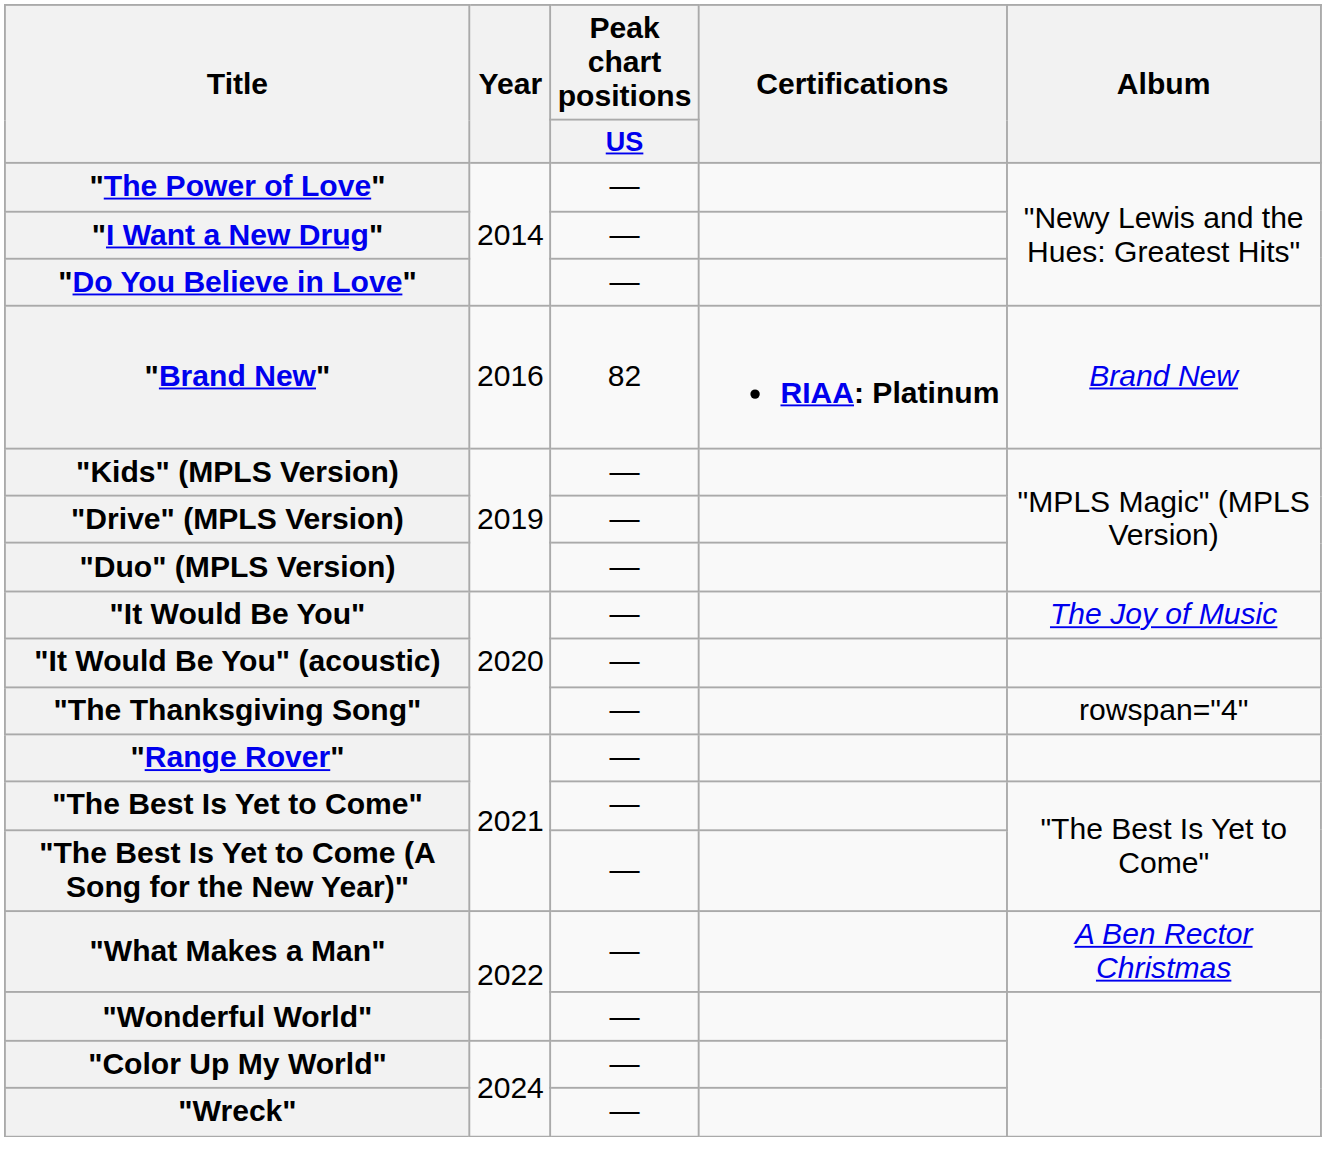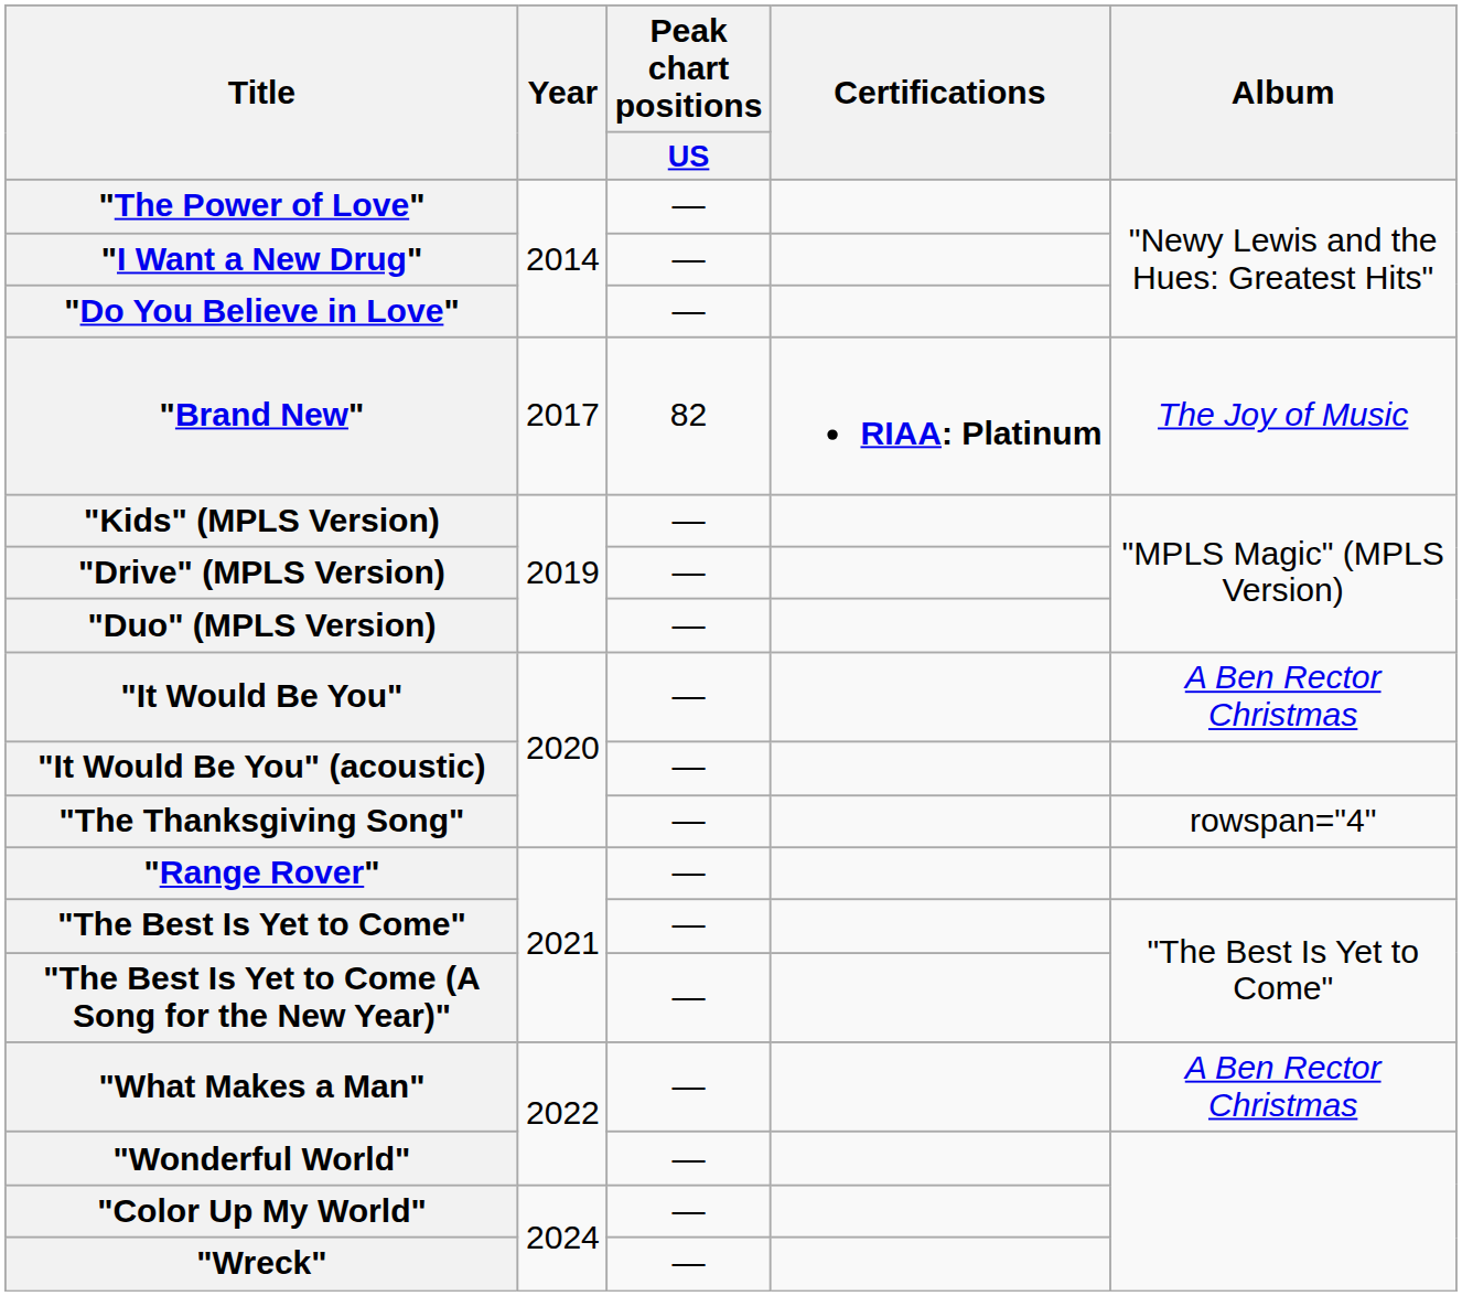 <table class="wikitable plainrowheaders" style="text-align:center;">
 <tr>
 <th scope="col" rowspan="2" style="width:15em;">Title</th>
 <th scope="col" rowspan="2" style="width:1em;">Year</th>
 <th scope="col" colspan="1">Peak chart positions</th>
 <th scope="col" rowspan="2">Certifications</th>
 <th scope="col" rowspan="2" style="width:10em;">Album</th>
 </tr>
 <tr>
 <th scope="col" style="width:3em;font-size:90%;"><a href='#'>US</a><br></th>
 </tr>
 <tr>
 <th scope="row">"<a href='#'>The Power of Love</a>"</th>
 <td rowspan="3">2014</td>
 <td>—</td>
 <td></td>
 <td rowspan="3">"Newy Lewis and the Hues: Greatest Hits"</td>
 </tr>
 <tr>
 <th scope="row">"<a href='#'>I Want a New Drug</a>"</th>
 <td>—</td>
 <td></td>
 </tr>
 <tr>
 <th scope="row">"<a href='#'>Do You Believe in Love</a>"</th>
 <td>—</td>
 <td></td>
 </tr>
 <tr>
 <th scope="row">"<a href='#'>Brand New</a>"</th>
-<td>2016</td>
+<td>2017</td>
 <td>82</td>
 <td><strong><br><ul><li><a href='#'>RIAA</a>: Platinum</li></ul></strong></td>
-<td><em><a href='#'>Brand New</a></em></td>
+<td><em><a href='#'>The Joy of Music</a></em></td>
 </tr>
 <tr>
 <th scope="row">"Kids" (MPLS Version)</th>
 <td rowspan="3">2019</td>
 <td>—</td>
 <td></td>
 <td rowspan="3">"MPLS Magic" (MPLS Version)</td>
 </tr>
 <tr>
 <th scope="row">"Drive" (MPLS Version)</th>
 <td>—</td>
 <td></td>
 </tr>
 <tr>
 <th scope="row">"Duo" (MPLS Version)</th>
 <td>—</td>
 <td></td>
 </tr>
 <tr>
 <th scope="row">"It Would Be You"</th>
 <td rowspan="3">2020</td>
 <td>—</td>
 <td></td>
-<td><em><a href='#'>The Joy of Music</a></em></td>
+<td><em><a href='#'>A Ben Rector Christmas</a></em></td>
 </tr>
 <tr>
 <th scope="row">"It Would Be You" (acoustic)<br> </th>
 <td>—</td>
 <td></td>
 <td></td>
 </tr>
 <tr>
 <th scope="row">"The Thanksgiving Song"</th>
 <td>—</td>
 <td></td>
 <td>rowspan="4" </td>
 </tr>
 <tr>
 <th scope="row">"<a href='#'>Range Rover</a>"<br> </th>
 <td rowspan="3">2021</td>
 <td>—</td>
 <td></td>
 <td></td>
 </tr>
 <tr>
 <th scope="row">"The Best Is Yet to Come"</th>
 <td>—</td>
 <td></td>
 <td rowspan="2">"The Best Is Yet to Come"</td>
 </tr>
 <tr>
 <th scope="row">"The Best Is Yet to Come (A Song for the New Year)"</th>
 <td>—</td>
 <td></td>
 </tr>
 <tr>
 <th scope="row">"What Makes a Man"<br> </th>
 <td rowspan="2">2022</td>
 <td>—</td>
 <td></td>
 <td><em><a href='#'>A Ben Rector Christmas</a></em></td>
 </tr>
 <tr>
 <th scope="row">"Wonderful World"</th>
 <td>—</td>
 <td></td>
 </tr>
 <tr>
 <th scope="row">"Color Up My World"<br> </th>
 <td rowspan="2">2024</td>
 <td>—</td>
 <td></td>
 </tr>
 <tr>
 <th scope="row">"Wreck"</th>
 <td>—</td>
 <td></td>
 </tr>
 </table>
